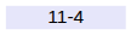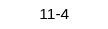 <table style="text-align:center">
 <tr>
 <th width=200></th>
 <th width=100></th>
 <th width=200></th>
 </tr>
 <tr>
 <td align=right><strong></strong></td>
-<td style="background: lavender;">11-4</td>
+<td>11-4</td>
 <td align=left></td>
 </tr>
 </table>
